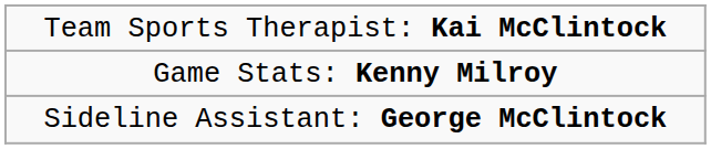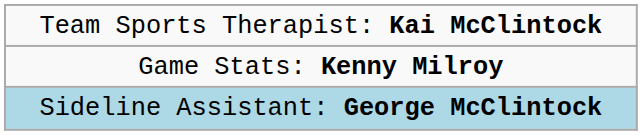 <table class="wikitable" style="width: 25em; text-align: center;">
 <tr>
 <td>Team Sports Therapist:  <strong> Kai McClintock </strong></td>
 </tr>
 <tr>
 <td>Game Stats:  <strong>Kenny Milroy</strong></td>
 </tr>
 <tr>
-<td>Sideline Assistant:  <strong>George McClintock</strong></td>
+<td style="background: lightblue;">Sideline Assistant:  <strong>George McClintock</strong></td>
 </tr>
 </table>
